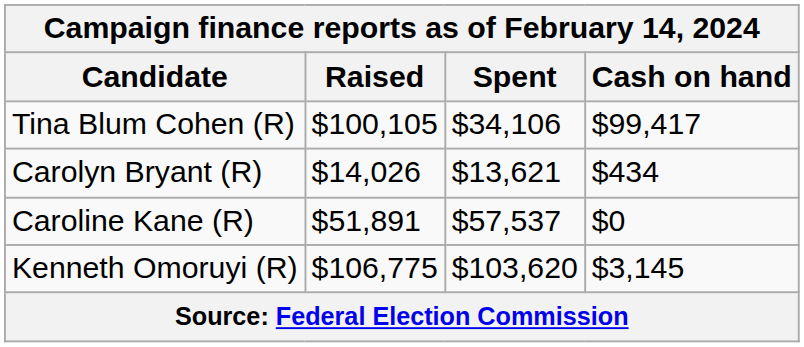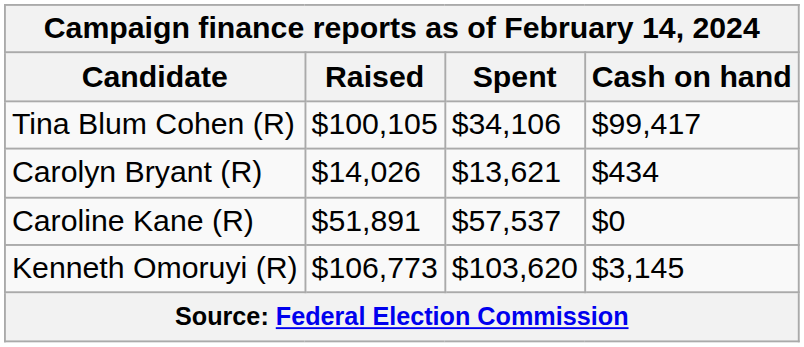 <table class="wikitable sortable">
 <tr>
 <th colspan=4>Campaign finance reports as of February 14, 2024</th>
 </tr>
 <tr style="text-align:center;">
 <th>Candidate</th>
 <th>Raised</th>
 <th>Spent</th>
 <th>Cash on hand</th>
 </tr>
 <tr>
 <td style="background-color:">Tina Blum Cohen (R)</td>
 <td>$100,105</td>
 <td>$34,106</td>
 <td>$99,417</td>
 </tr>
 <tr>
 <td style="background-color:">Carolyn Bryant (R)</td>
 <td>$14,026</td>
 <td>$13,621</td>
 <td>$434</td>
 </tr>
 <tr>
 <td style="background-color:">Caroline Kane (R)</td>
 <td>$51,891</td>
 <td>$57,537</td>
 <td>$0</td>
 </tr>
 <tr>
 <td style="background-color:">Kenneth Omoruyi (R)</td>
-<td>$106,775</td>
+<td>$106,773</td>
 <td>$103,620</td>
 <td>$3,145</td>
 </tr>
 <tr>
 <th colspan="4"><small>Source: <a href='#'>Federal Election Commission</a></small></th>
 </tr>
 </table>
